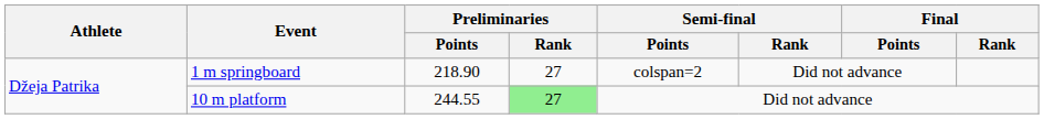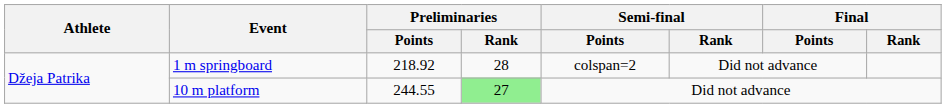 <table class="wikitable" style="text-align:center; font-size:90%; width:45%;">
 <tr>
 <th rowspan=2>Athlete</th>
 <th rowspan=2>Event</th>
 <th colspan=2>Preliminaries</th>
 <th colspan=2>Semi-final</th>
 <th colspan=2>Final</th>
 </tr>
 <tr style="font-size:95%">
 <th>Points</th>
 <th>Rank</th>
 <th>Points</th>
 <th>Rank</th>
 <th>Points</th>
 <th>Rank</th>
 </tr>
 <tr>
 <td align=left rowspan=2><a href='#'>Džeja Patrika</a></td>
 <td align=left><a href='#'>1 m springboard</a></td>
-<td>218.90</td>
-<td>27</td>
+<td>218.92</td>
+<td>28</td>
 <td>colspan=2</td>
 <td colspan=2>Did not advance</td>
 </tr>
 <tr>
 <td align=left><a href='#'>10 m platform</a></td>
 <td>244.55</td>
 <td style="background: lightgreen;">27</td>
 <td colspan=4>Did not advance</td>
 </tr>
 </table>
